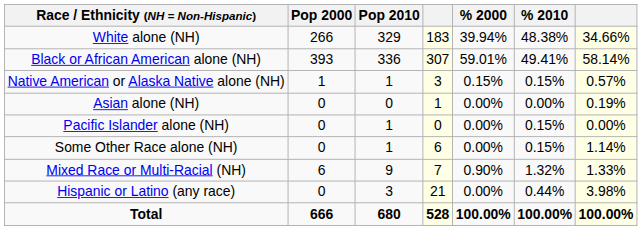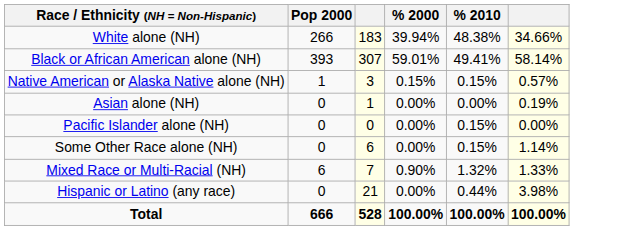 <table class="wikitable" style="text-align:center;">
 <tr>
 <th>Race / Ethnicity <small>(<em>NH = Non-Hispanic</em>)</small></th>
 <th>Pop 2000</th>
-<th>Pop 2010</th>
 <th></th>
 <th>% 2000</th>
 <th>% 2010</th>
 <th></th>
 </tr>
 <tr>
 <td><a href='#'>White</a> alone (NH)</td>
 <td>266</td>
-<td>329</td>
 <td style='background: #ffffe6;'>183</td>
 <td>39.94%</td>
 <td>48.38%</td>
 <td style='background: #ffffe6;'>34.66%</td>
 </tr>
 <tr>
 <td><a href='#'>Black or African American</a> alone (NH)</td>
 <td>393</td>
-<td>336</td>
 <td style='background: #ffffe6;'>307</td>
 <td>59.01%</td>
 <td>49.41%</td>
 <td style='background: #ffffe6;'>58.14%</td>
 </tr>
 <tr>
 <td><a href='#'>Native American</a> or <a href='#'>Alaska Native</a> alone (NH)</td>
-<td>1</td>
 <td>1</td>
 <td style='background: #ffffe6;'>3</td>
 <td>0.15%</td>
 <td>0.15%</td>
 <td style='background: #ffffe6;'>0.57%</td>
 </tr>
 <tr>
 <td><a href='#'>Asian</a> alone (NH)</td>
 <td>0</td>
-<td>0</td>
 <td style='background: #ffffe6;'>1</td>
 <td>0.00%</td>
 <td>0.00%</td>
 <td style='background: #ffffe6;'>0.19%</td>
 </tr>
 <tr>
 <td><a href='#'>Pacific Islander</a> alone (NH)</td>
 <td>0</td>
-<td>1</td>
 <td style='background: #ffffe6;'>0</td>
 <td>0.00%</td>
 <td>0.15%</td>
 <td style='background: #ffffe6;'>0.00%</td>
 </tr>
 <tr>
 <td>Some Other Race alone (NH)</td>
 <td>0</td>
-<td>1</td>
 <td style='background: #ffffe6;'>6</td>
 <td>0.00%</td>
 <td>0.15%</td>
 <td style='background: #ffffe6;'>1.14%</td>
 </tr>
 <tr>
 <td><a href='#'>Mixed Race or Multi-Racial</a> (NH)</td>
 <td>6</td>
-<td>9</td>
 <td style='background: #ffffe6;'>7</td>
 <td>0.90%</td>
 <td>1.32%</td>
 <td style='background: #ffffe6;'>1.33%</td>
 </tr>
 <tr>
 <td><a href='#'>Hispanic or Latino</a> (any race)</td>
 <td>0</td>
-<td>3</td>
 <td style='background: #ffffe6;'>21</td>
 <td>0.00%</td>
 <td>0.44%</td>
 <td style='background: #ffffe6;'>3.98%</td>
 </tr>
 <tr>
 <td><strong>Total</strong></td>
 <td><strong>666</strong></td>
-<td><strong>680</strong></td>
 <td style='background: #ffffe6;'><strong>528</strong></td>
 <td><strong>100.00%</strong></td>
 <td><strong>100.00%</strong></td>
 <td style='background: #ffffe6;'><strong>100.00%</strong></td>
 </tr>
 </table>
